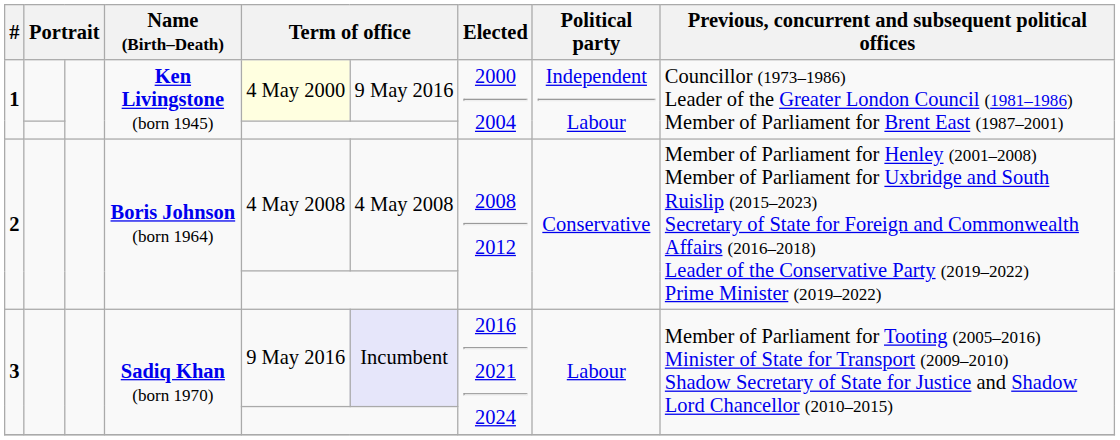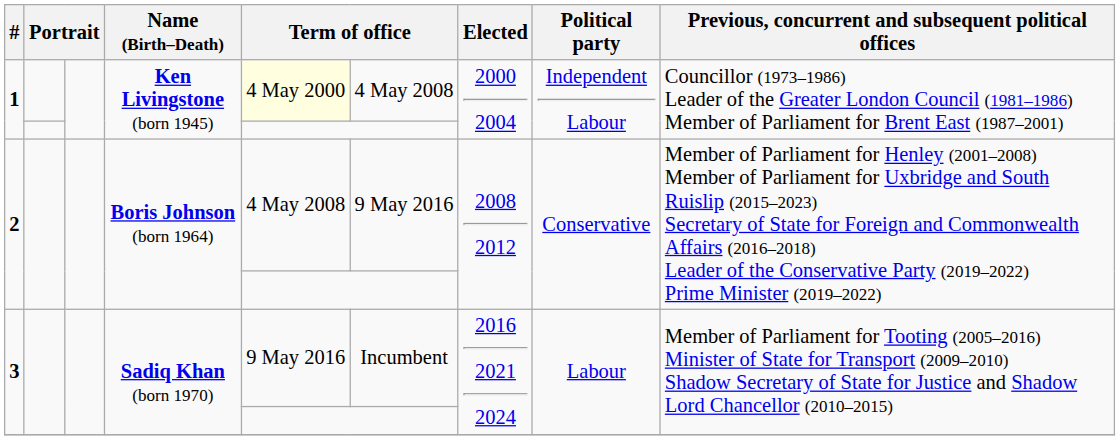 <table class="wikitable">
 <tr>
 <th>#</th>
 <th colspan="2">Portrait</th>
 <th>Name<br><small>(Birth–Death)</small></th>
 <th colspan=2>Term of office</th>
 <th>Elected</th>
 <th>Political party</th>
 <th>Previous, concurrent and subsequent political offices</th>
 </tr>
 <tr>
 <td rowspan="2"><strong>1</strong></td>
 <td style="background-color: "></td>
 <td rowspan="2"></td>
 <td rowspan="2" style="text-align:center;"><strong><a href='#'>Ken Livingstone</a></strong><br><small>(born 1945)</small></td>
 <td style="background: lightyellow; text-align:center;" nowrap>4 May 2000</td>
-<td style="text-align:center;" nowrap>9 May 2016</td>
+<td style="text-align:center;" nowrap>4 May 2008</td>
 <td rowspan="2" style="text-align:center;"><a href='#'>2000</a><hr><a href='#'>2004</a></td>
 <td rowspan="2" style="text-align:center;"><a href='#'>Independent</a><hr><a href='#'>Labour</a></td>
 <td rowspan="2">Councillor <small>(1973–1986)</small><br>Leader of the <a href='#'>Greater London Council</a> <small>(<a href='#'>1981–1986</a>)</small><br>Member of Parliament for <a href='#'>Brent East</a> <small>(1987–2001)</small></td>
 </tr>
 <tr>
 <td style="background-color: "></td>
 <td colspan="2" style="text-align:center;"></td>
 </tr>
 <tr>
 <td rowspan="2"><strong>2</strong></td>
 <td rowspan="2" style="background-color: "></td>
 <td rowspan="2"></td>
 <td rowspan="2" style="text-align:center;"><strong><a href='#'>Boris Johnson</a></strong><br><small>(born 1964)</small></td>
 <td style="text-align:center;" nowrap>4 May 2008</td>
-<td style="text-align:center;" nowrap>4 May 2008</td>
+<td style="text-align:center;" nowrap>9 May 2016</td>
 <td rowspan="2" style="text-align:center;" nowrap><a href='#'>2008</a><hr><a href='#'>2012</a></td>
 <td style="text-align:center;" rowspan="2"><a href='#'>Conservative</a></td>
 <td rowspan="2">Member of Parliament for <a href='#'>Henley</a> <small>(2001–2008)</small><br>Member of Parliament for <a href='#'>Uxbridge and South Ruislip</a> <small>(2015–2023)</small><br><a href='#'>Secretary of State for Foreign and Commonwealth Affairs</a> <small>(2016–2018)</small><br><a href='#'>Leader of the Conservative Party</a> <small>(2019–2022)</small><br><a href='#'>Prime Minister</a> <small>(2019–2022)</small></td>
 </tr>
 <tr>
 <td colspan="2" style="text-align:center;"></td>
 </tr>
 <tr>
 <td rowspan="2"><strong>3</strong></td>
 <td rowspan="2" style="background-color: "></td>
 <td rowspan="2"></td>
 <td rowspan="2" style="text-align:center;"><br><strong><a href='#'>Sadiq Khan</a></strong><br><small>(born 1970)</small></td>
 <td style="text-align:center;" nowrap>9 May 2016</td>
-<td style="background: lavender; text-align:center;">Incumbent</td>
+<td style="text-align:center;">Incumbent</td>
 <td rowspan="2" style="text-align:center;"><a href='#'>2016</a><hr><a href='#'>2021</a><hr><a href='#'>2024</a></td>
 <td rowspan="2" style="text-align:center;"><a href='#'>Labour</a></td>
 <td rowspan="2">Member of Parliament for <a href='#'>Tooting</a> <small>(2005–2016)</small><br><a href='#'>Minister of State for Transport</a> <small>(2009–2010)</small><br><a href='#'>Shadow Secretary of State for Justice</a> and <a href='#'>Shadow Lord Chancellor</a> <small>(2010–2015)</small></td>
 </tr>
 <tr>
 <td colspan="2" style="text-align:center;"></td>
 </tr>
 <tr>
 </tr>
 </table>
